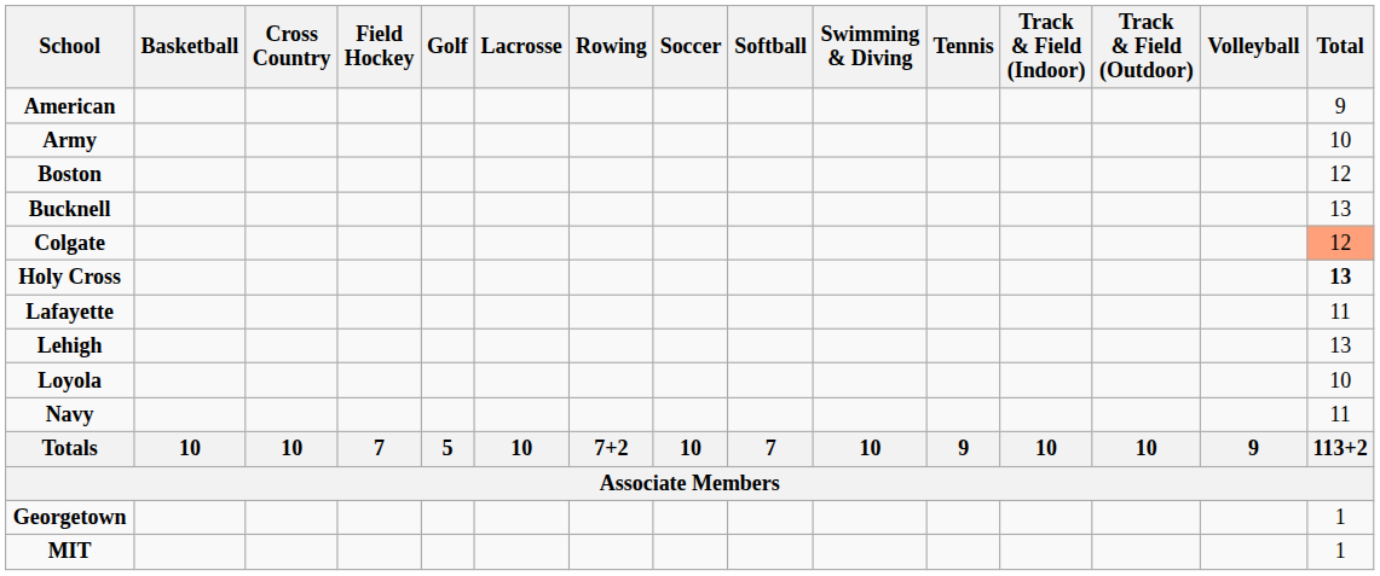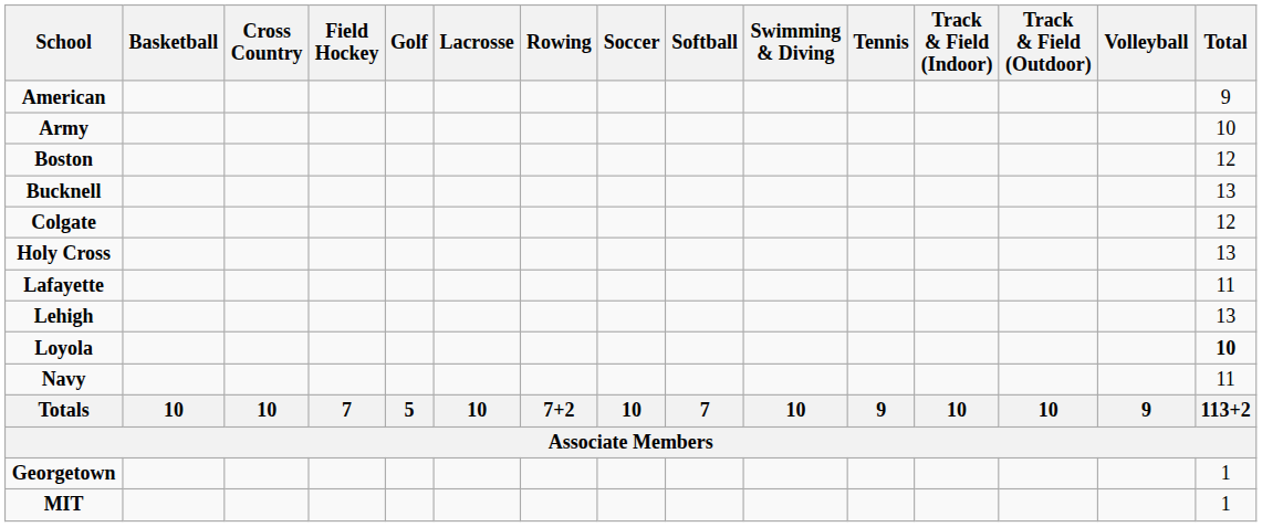 <table class="wikitable sortable" style="text-align:center; width:80%;">
 <tr>
 <th scope="col">School</th>
 <th>Basketball</th>
 <th>Cross<br>Country</th>
 <th>Field<br>Hockey</th>
 <th>Golf</th>
 <th>Lacrosse</th>
 <th>Rowing</th>
 <th>Soccer</th>
 <th>Softball</th>
 <th>Swimming<br>& Diving</th>
 <th>Tennis</th>
 <th>Track<br>& Field<br>(Indoor)</th>
 <th>Track<br>& Field<br>(Outdoor)</th>
 <th>Volleyball</th>
 <th>Total</th>
 </tr>
 <tr>
 <td><strong>American</strong></td>
 <td></td>
 <td></td>
 <td></td>
 <td></td>
 <td></td>
 <td></td>
 <td></td>
 <td></td>
 <td></td>
 <td></td>
 <td></td>
 <td></td>
 <td></td>
 <td>9</td>
 </tr>
 <tr>
 <td><strong>Army</strong></td>
 <td></td>
 <td></td>
 <td></td>
 <td></td>
 <td></td>
 <td></td>
 <td></td>
 <td></td>
 <td></td>
 <td></td>
 <td></td>
 <td></td>
 <td></td>
 <td>10</td>
 </tr>
 <tr>
 <td><strong>Boston</strong></td>
 <td></td>
 <td></td>
 <td></td>
 <td></td>
 <td></td>
 <td></td>
 <td></td>
 <td></td>
 <td></td>
 <td></td>
 <td></td>
 <td></td>
 <td></td>
 <td>12</td>
 </tr>
 <tr>
 <td><strong>Bucknell</strong></td>
 <td></td>
 <td></td>
 <td></td>
 <td></td>
 <td></td>
 <td></td>
 <td></td>
 <td></td>
 <td></td>
 <td></td>
 <td></td>
 <td></td>
 <td></td>
 <td>13</td>
 </tr>
 <tr>
 <td><strong>Colgate</strong></td>
 <td></td>
 <td></td>
 <td></td>
 <td></td>
 <td></td>
 <td></td>
 <td></td>
 <td></td>
 <td></td>
 <td></td>
 <td></td>
 <td></td>
 <td></td>
-<td style="background: lightsalmon;">12</td>
+<td>12</td>
 </tr>
 <tr>
 <td><strong>Holy Cross</strong></td>
 <td></td>
 <td></td>
 <td></td>
 <td></td>
 <td></td>
 <td></td>
 <td></td>
 <td></td>
 <td></td>
 <td></td>
 <td></td>
 <td></td>
 <td></td>
-<td><strong>13</strong></td>
+<td>13</td>
 </tr>
 <tr>
 <td><strong>Lafayette</strong></td>
 <td></td>
 <td></td>
 <td></td>
 <td></td>
 <td></td>
 <td></td>
 <td></td>
 <td></td>
 <td></td>
 <td></td>
 <td></td>
 <td></td>
 <td></td>
 <td>11</td>
 </tr>
 <tr>
 <td><strong>Lehigh</strong></td>
 <td></td>
 <td></td>
 <td></td>
 <td></td>
 <td></td>
 <td></td>
 <td></td>
 <td></td>
 <td></td>
 <td></td>
 <td></td>
 <td></td>
 <td></td>
 <td>13</td>
 </tr>
 <tr>
 <td><strong>Loyola</strong></td>
 <td></td>
 <td></td>
 <td></td>
 <td></td>
 <td></td>
 <td></td>
 <td></td>
 <td></td>
 <td></td>
 <td></td>
 <td></td>
 <td></td>
 <td></td>
-<td>10</td>
+<td><strong>10</strong></td>
 </tr>
 <tr>
 <td><strong>Navy</strong></td>
 <td></td>
 <td></td>
 <td></td>
 <td></td>
 <td></td>
 <td></td>
 <td></td>
 <td></td>
 <td></td>
 <td></td>
 <td></td>
 <td></td>
 <td></td>
 <td>11</td>
 </tr>
 <tr>
 <th>Totals</th>
 <th>10</th>
 <th>10</th>
 <th>7</th>
 <th>5</th>
 <th>10</th>
 <th>7+2</th>
 <th>10</th>
 <th>7</th>
 <th>10</th>
 <th>9</th>
 <th>10</th>
 <th>10</th>
 <th>9</th>
 <th>113+2</th>
 </tr>
 <tr>
 <th colspan="15">Associate Members</th>
 </tr>
 <tr>
 <td><strong>Georgetown</strong></td>
 <td></td>
 <td></td>
 <td></td>
 <td></td>
 <td></td>
 <td></td>
 <td></td>
 <td></td>
 <td></td>
 <td></td>
 <td></td>
 <td></td>
 <td></td>
 <td>1</td>
 </tr>
 <tr>
 <td><strong>MIT</strong></td>
 <td></td>
 <td></td>
 <td></td>
 <td></td>
 <td></td>
 <td></td>
 <td></td>
 <td></td>
 <td></td>
 <td></td>
 <td></td>
 <td></td>
 <td></td>
 <td>1</td>
 </tr>
 </table>
